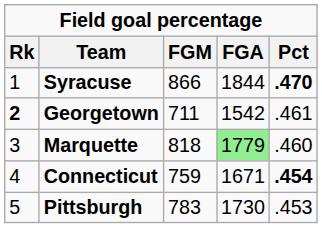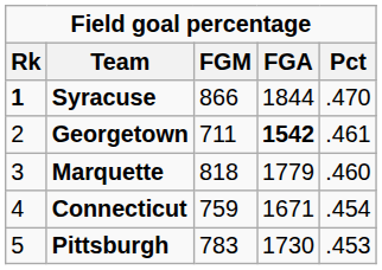 <table class="wikitable" style="white-space:nowrap; font-size:90%;">
 <tr>
 <td colspan=5 style="text-align:center;"><strong>Field goal percentage</strong></td>
 </tr>
 <tr>
 <th>Rk</th>
 <th>Team</th>
 <th>FGM</th>
 <th>FGA</th>
 <th>Pct</th>
 </tr>
 <tr>
-<td>1</td>
+<td><strong>1</strong></td>
 <td><strong>Syracuse</strong></td>
 <td>866</td>
 <td>1844</td>
-<td><strong>.470</strong></td>
+<td>.470</td>
 </tr>
 <tr>
-<td><strong>2</strong></td>
+<td>2</td>
 <td><strong>Georgetown</strong></td>
 <td>711</td>
-<td>1542</td>
+<td><strong>1542</strong></td>
 <td>.461</td>
 </tr>
 <tr>
 <td>3</td>
 <td><strong>Marquette</strong></td>
 <td>818</td>
-<td style="background: lightgreen;">1779</td>
+<td>1779</td>
 <td>.460</td>
 </tr>
 <tr>
 <td>4</td>
 <td><strong>Connecticut</strong></td>
 <td>759</td>
 <td>1671</td>
-<td><strong>.454</strong></td>
+<td>.454</td>
 </tr>
 <tr>
 <td>5</td>
 <td><strong>Pittsburgh</strong></td>
 <td>783</td>
 <td>1730</td>
 <td>.453</td>
 </tr>
 </table>
